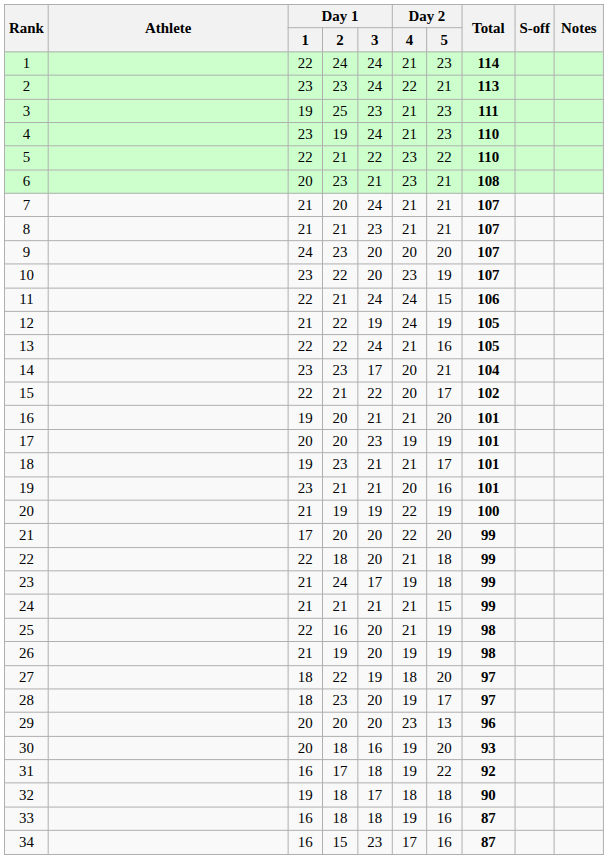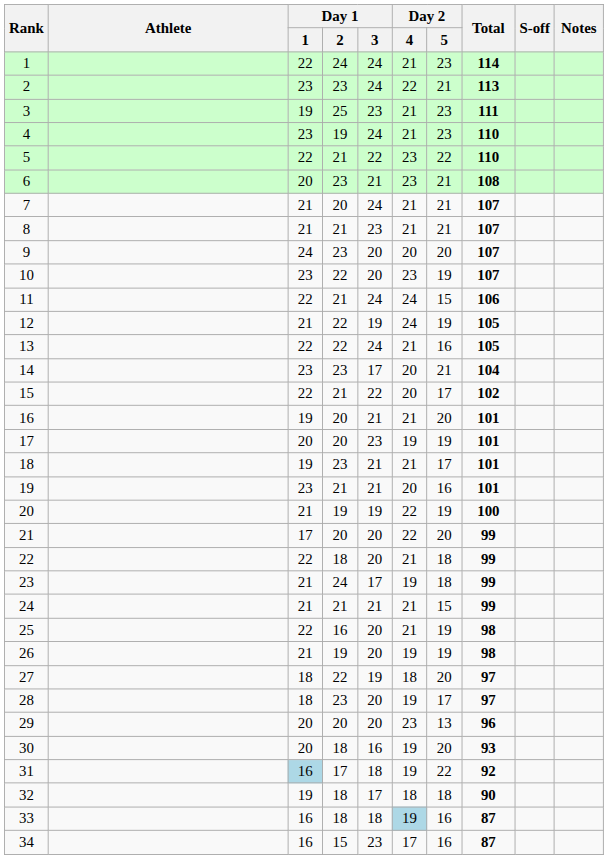 <table class="wikitable" style="text-align:center">
 <tr>
 <th rowspan=2 width=40>Rank</th>
 <th rowspan=2 width=250>Athlete</th>
 <th colspan=3>Day 1</th>
 <th colspan=2>Day 2</th>
 <th rowspan=2 width=50>Total</th>
 <th rowspan=2 width=35>S-off</th>
 <th rowspan=2 width=45>Notes</th>
 </tr>
 <tr>
 <th width=30>1</th>
 <th width=30>2</th>
 <th width=30>3</th>
 <th width=30>4</th>
 <th width=30>5</th>
 </tr>
 <tr bgcolor=ccffcc>
 <td>1</td>
 <td align=left></td>
 <td>22</td>
 <td>24</td>
 <td>24</td>
 <td>21</td>
 <td>23</td>
 <td><strong>114</strong></td>
 <td></td>
 <td></td>
 </tr>
 <tr bgcolor=ccffcc>
 <td>2</td>
 <td align=left></td>
 <td>23</td>
 <td>23</td>
 <td>24</td>
 <td>22</td>
 <td>21</td>
 <td><strong>113</strong></td>
 <td></td>
 <td></td>
 </tr>
 <tr bgcolor=ccffcc>
 <td>3</td>
 <td align=left></td>
 <td>19</td>
 <td>25</td>
 <td>23</td>
 <td>21</td>
 <td>23</td>
 <td><strong>111</strong></td>
 <td></td>
 <td></td>
 </tr>
 <tr bgcolor=ccffcc>
 <td>4</td>
 <td align=left></td>
 <td>23</td>
 <td>19</td>
 <td>24</td>
 <td>21</td>
 <td>23</td>
 <td><strong>110</strong></td>
 <td></td>
 <td></td>
 </tr>
 <tr bgcolor=ccffcc>
 <td>5</td>
 <td align=left></td>
 <td>22</td>
 <td>21</td>
 <td>22</td>
 <td>23</td>
 <td>22</td>
 <td><strong>110</strong></td>
 <td></td>
 <td></td>
 </tr>
 <tr bgcolor=ccffcc>
 <td>6</td>
 <td align=left></td>
 <td>20</td>
 <td>23</td>
 <td>21</td>
 <td>23</td>
 <td>21</td>
 <td><strong>108</strong></td>
 <td></td>
 <td></td>
 </tr>
 <tr>
 <td>7</td>
 <td align=left></td>
 <td>21</td>
 <td>20</td>
 <td>24</td>
 <td>21</td>
 <td>21</td>
 <td><strong>107</strong></td>
 <td></td>
 <td></td>
 </tr>
 <tr>
 <td>8</td>
 <td align=left></td>
 <td>21</td>
 <td>21</td>
 <td>23</td>
 <td>21</td>
 <td>21</td>
 <td><strong>107</strong></td>
 <td></td>
 <td></td>
 </tr>
 <tr>
 <td>9</td>
 <td align=left></td>
 <td>24</td>
 <td>23</td>
 <td>20</td>
 <td>20</td>
 <td>20</td>
 <td><strong>107</strong></td>
 <td></td>
 <td></td>
 </tr>
 <tr>
 <td>10</td>
 <td align=left></td>
 <td>23</td>
 <td>22</td>
 <td>20</td>
 <td>23</td>
 <td>19</td>
 <td><strong>107</strong></td>
 <td></td>
 <td></td>
 </tr>
 <tr>
 <td>11</td>
 <td align=left></td>
 <td>22</td>
 <td>21</td>
 <td>24</td>
 <td>24</td>
 <td>15</td>
 <td><strong>106</strong></td>
 <td></td>
 <td></td>
 </tr>
 <tr>
 <td>12</td>
 <td align=left></td>
 <td>21</td>
 <td>22</td>
 <td>19</td>
 <td>24</td>
 <td>19</td>
 <td><strong>105</strong></td>
 <td></td>
 <td></td>
 </tr>
 <tr>
 <td>13</td>
 <td align=left></td>
 <td>22</td>
 <td>22</td>
 <td>24</td>
 <td>21</td>
 <td>16</td>
 <td><strong>105</strong></td>
 <td></td>
 <td></td>
 </tr>
 <tr>
 <td>14</td>
 <td align=left></td>
 <td>23</td>
 <td>23</td>
 <td>17</td>
 <td>20</td>
 <td>21</td>
 <td><strong>104</strong></td>
 <td></td>
 <td></td>
 </tr>
 <tr>
 <td>15</td>
 <td align=left></td>
 <td>22</td>
 <td>21</td>
 <td>22</td>
 <td>20</td>
 <td>17</td>
 <td><strong>102</strong></td>
 <td></td>
 <td></td>
 </tr>
 <tr>
 <td>16</td>
 <td align=left></td>
 <td>19</td>
 <td>20</td>
 <td>21</td>
 <td>21</td>
 <td>20</td>
 <td><strong>101</strong></td>
 <td></td>
 <td></td>
 </tr>
 <tr>
 <td>17</td>
 <td align=left></td>
 <td>20</td>
 <td>20</td>
 <td>23</td>
 <td>19</td>
 <td>19</td>
 <td><strong>101</strong></td>
 <td></td>
 <td></td>
 </tr>
 <tr>
 <td>18</td>
 <td align=left></td>
 <td>19</td>
 <td>23</td>
 <td>21</td>
 <td>21</td>
 <td>17</td>
 <td><strong>101</strong></td>
 <td></td>
 <td></td>
 </tr>
 <tr>
 <td>19</td>
 <td align=left></td>
 <td>23</td>
 <td>21</td>
 <td>21</td>
 <td>20</td>
 <td>16</td>
 <td><strong>101</strong></td>
 <td></td>
 <td></td>
 </tr>
 <tr>
 <td>20</td>
 <td align=left></td>
 <td>21</td>
 <td>19</td>
 <td>19</td>
 <td>22</td>
 <td>19</td>
 <td><strong>100</strong></td>
 <td></td>
 <td></td>
 </tr>
 <tr>
 <td>21</td>
 <td align=left></td>
 <td>17</td>
 <td>20</td>
 <td>20</td>
 <td>22</td>
 <td>20</td>
 <td><strong>99</strong></td>
 <td></td>
 <td></td>
 </tr>
 <tr>
 <td>22</td>
 <td align=left></td>
 <td>22</td>
 <td>18</td>
 <td>20</td>
 <td>21</td>
 <td>18</td>
 <td><strong>99</strong></td>
 <td></td>
 <td></td>
 </tr>
 <tr>
 <td>23</td>
 <td align=left></td>
 <td>21</td>
 <td>24</td>
 <td>17</td>
 <td>19</td>
 <td>18</td>
 <td><strong>99</strong></td>
 <td></td>
 <td></td>
 </tr>
 <tr>
 <td>24</td>
 <td align=left></td>
 <td>21</td>
 <td>21</td>
 <td>21</td>
 <td>21</td>
 <td>15</td>
 <td><strong>99</strong></td>
 <td></td>
 <td></td>
 </tr>
 <tr>
 <td>25</td>
 <td align=left></td>
 <td>22</td>
 <td>16</td>
 <td>20</td>
 <td>21</td>
 <td>19</td>
 <td><strong>98</strong></td>
 <td></td>
 <td></td>
 </tr>
 <tr>
 <td>26</td>
 <td align=left></td>
 <td>21</td>
 <td>19</td>
 <td>20</td>
 <td>19</td>
 <td>19</td>
 <td><strong>98</strong></td>
 <td></td>
 <td></td>
 </tr>
 <tr>
 <td>27</td>
 <td align=left></td>
 <td>18</td>
 <td>22</td>
 <td>19</td>
 <td>18</td>
 <td>20</td>
 <td><strong>97</strong></td>
 <td></td>
 <td></td>
 </tr>
 <tr>
 <td>28</td>
 <td align=left></td>
 <td>18</td>
 <td>23</td>
 <td>20</td>
 <td>19</td>
 <td>17</td>
 <td><strong>97</strong></td>
 <td></td>
 <td></td>
 </tr>
 <tr>
 <td>29</td>
 <td align=left></td>
 <td>20</td>
 <td>20</td>
 <td>20</td>
 <td>23</td>
 <td>13</td>
 <td><strong>96</strong></td>
 <td></td>
 <td></td>
 </tr>
 <tr>
 <td>30</td>
 <td align=left></td>
 <td>20</td>
 <td>18</td>
 <td>16</td>
 <td>19</td>
 <td>20</td>
 <td><strong>93</strong></td>
 <td></td>
 <td></td>
 </tr>
 <tr>
 <td>31</td>
 <td align=left></td>
-<td>16</td>
+<td style="background: lightblue;">16</td>
 <td>17</td>
 <td>18</td>
 <td>19</td>
 <td>22</td>
 <td><strong>92</strong></td>
 <td></td>
 <td></td>
 </tr>
 <tr>
 <td>32</td>
 <td align=left></td>
 <td>19</td>
 <td>18</td>
 <td>17</td>
 <td>18</td>
 <td>18</td>
 <td><strong>90</strong></td>
 <td></td>
 <td></td>
 </tr>
 <tr>
 <td>33</td>
 <td align=left></td>
 <td>16</td>
 <td>18</td>
 <td>18</td>
-<td>19</td>
+<td style="background: lightblue;">19</td>
 <td>16</td>
 <td><strong>87</strong></td>
 <td></td>
 <td></td>
 </tr>
 <tr>
 <td>34</td>
 <td align=left></td>
 <td>16</td>
 <td>15</td>
 <td>23</td>
 <td>17</td>
 <td>16</td>
 <td><strong>87</strong></td>
 <td></td>
 <td></td>
 </tr>
 </table>
